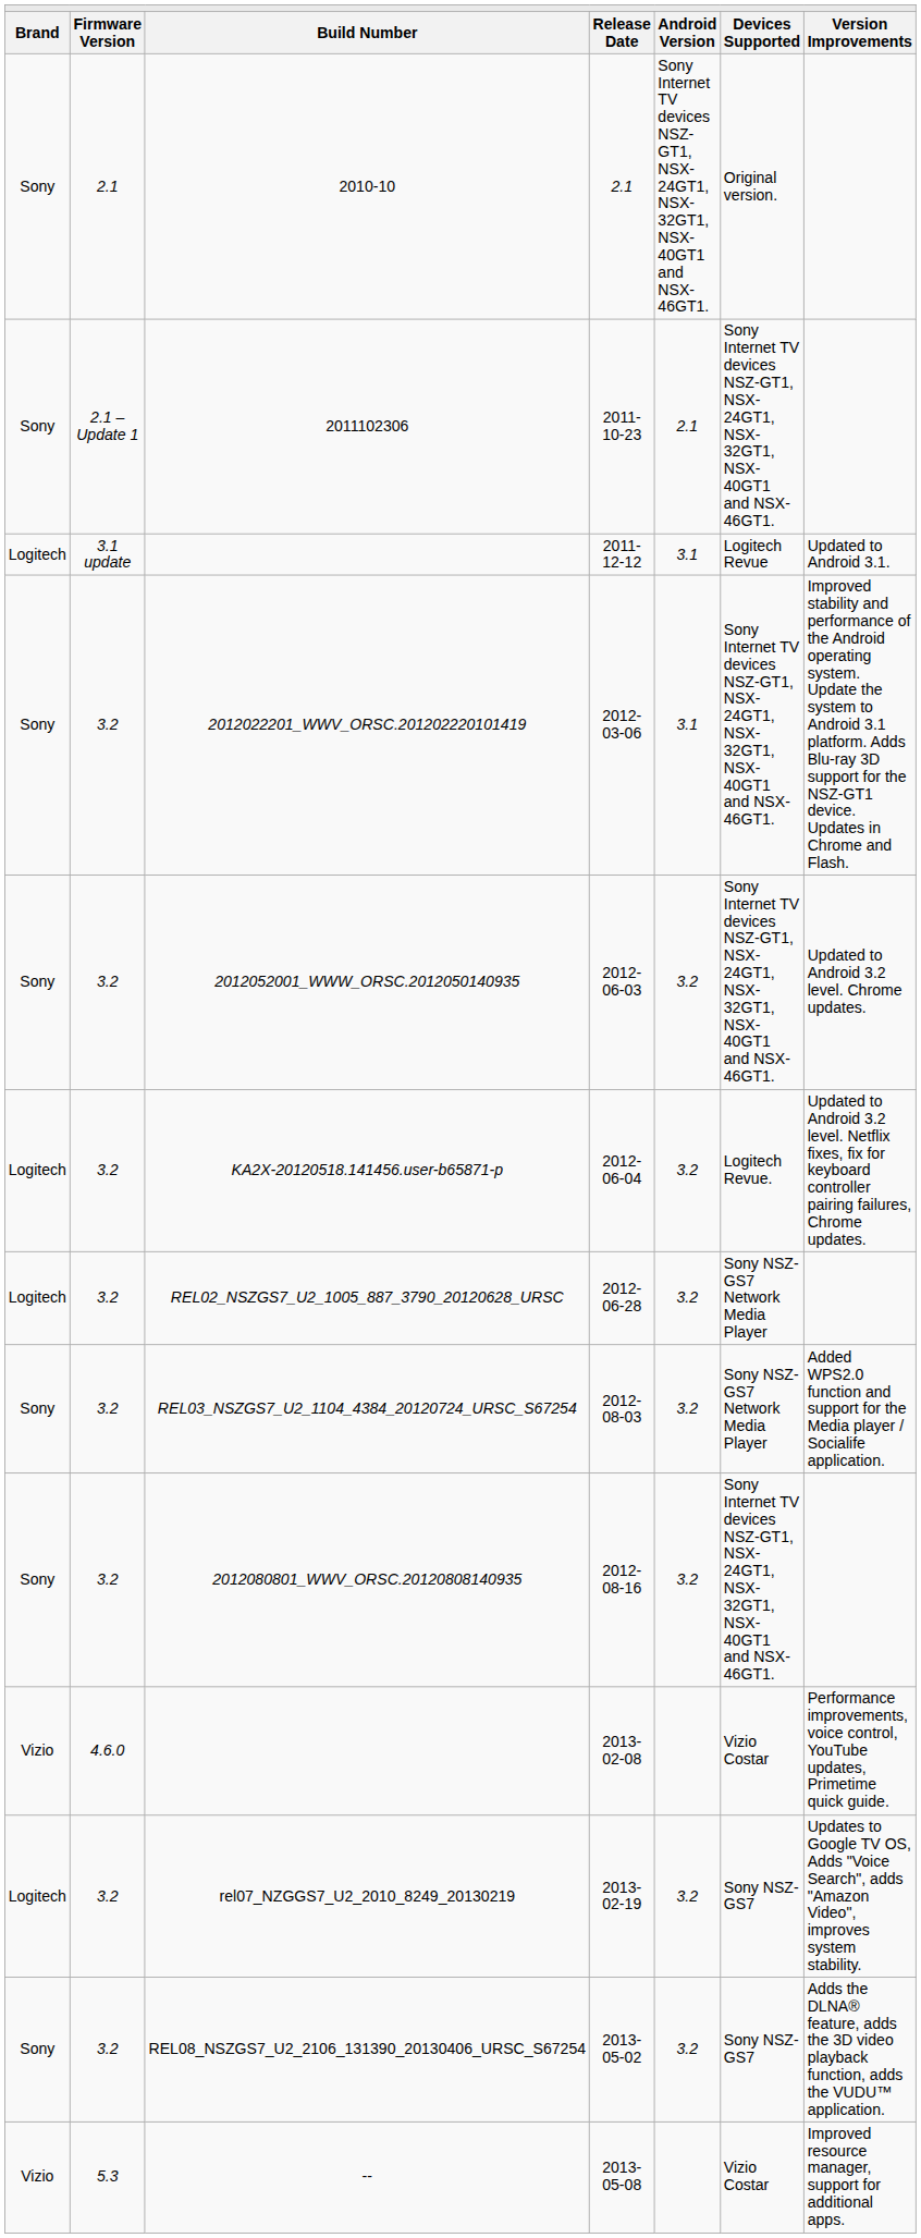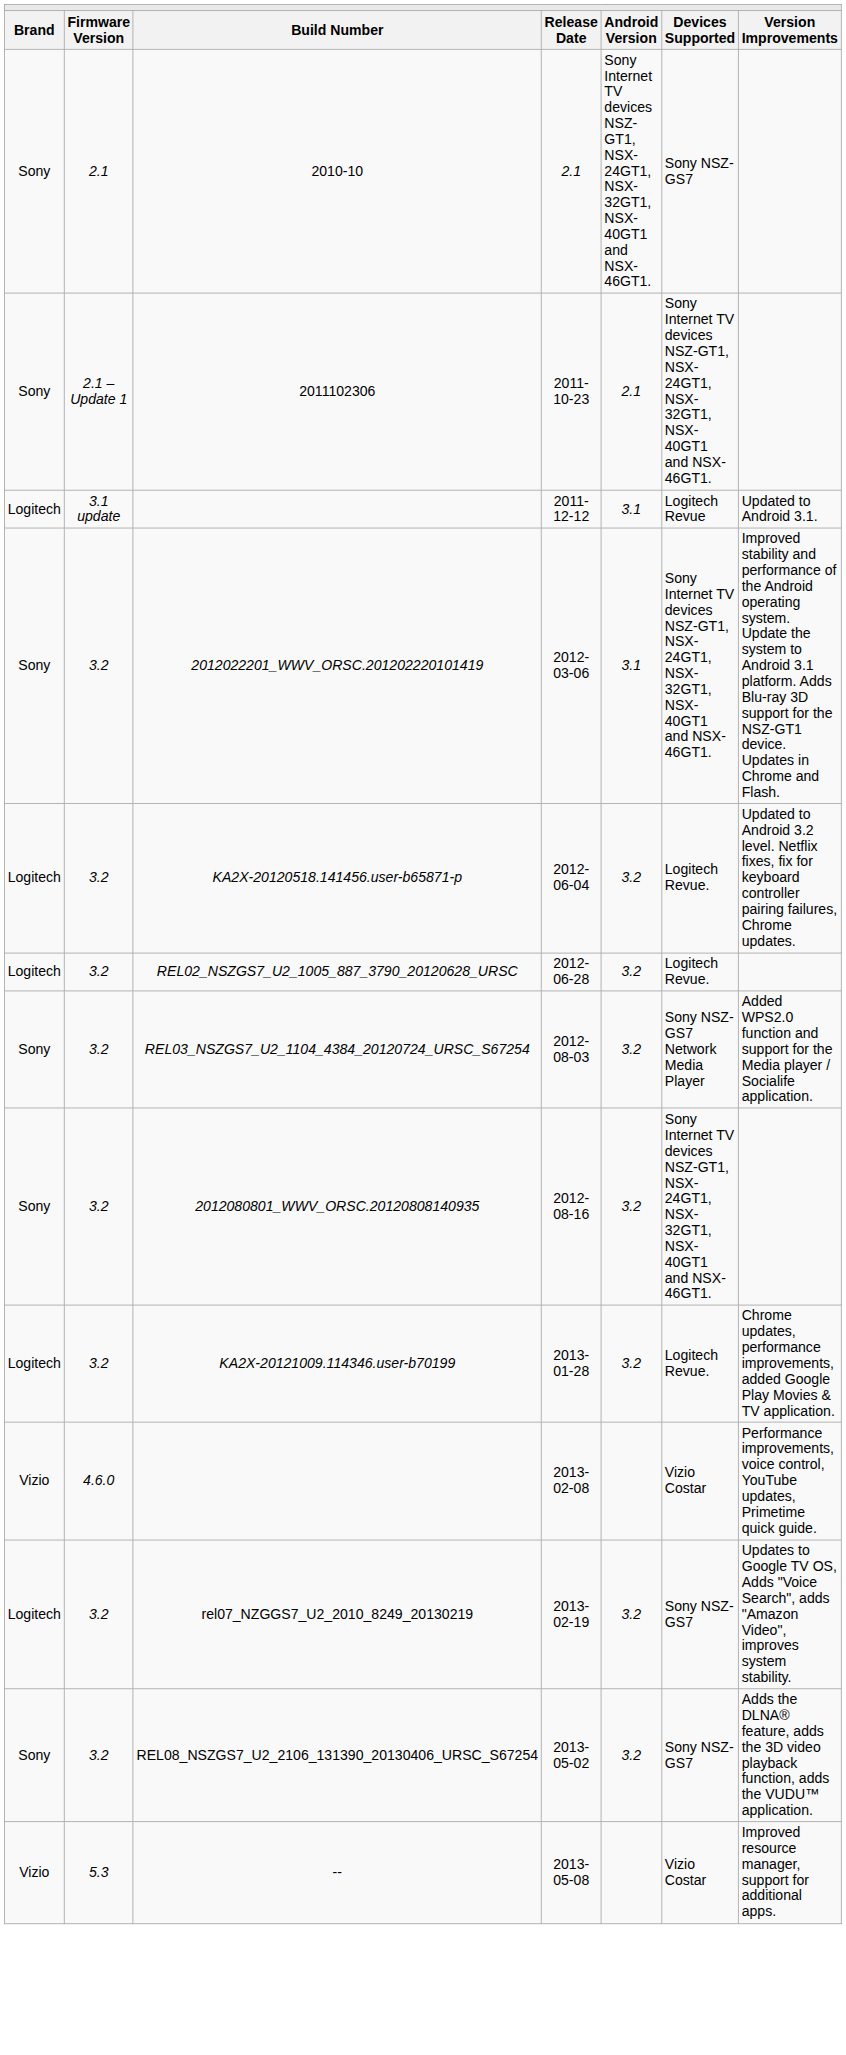 <table class="wikitable collapsible collapsed" style="width:100%;">
 <tr>
 <th style="background:#e9e9e9; text-align:center;" colspan="7"></th>
 </tr>
 <tr>
 <th style="width:10%;">Brand</th>
 <th style="width:10%;">Firmware Version</th>
 <th style="width:10%;">Build Number</th>
 <th style="width:10%;">Release Date</th>
 <th style="width:5%;">Android Version</th>
 <th style="width:25%;">Devices Supported</th>
 <th style="width:50%;">Version Improvements</th>
 </tr>
 <tr align=center>
 <td align=center>Sony</td>
 <td align=center><em>2.1</em></td>
 <td align=center>2010-10</td>
 <td align=center><em>2.1</em></td>
 <td align=left>Sony Internet TV devices NSZ-GT1, NSX-24GT1, NSX-32GT1, NSX-40GT1 and NSX-46GT1.</td>
-<td align=left>Original version.</td>
+<td align=left>Sony NSZ-GS7</td>
 </tr>
 <tr align=center>
 <td align=center>Sony</td>
 <td align=center><em>2.1 – Update 1</em></td>
 <td align=center>2011102306</td>
 <td align=center>2011-10-23</td>
 <td align=center><em>2.1</em></td>
 <td align=left>Sony Internet TV devices NSZ-GT1, NSX-24GT1, NSX-32GT1, NSX-40GT1 and NSX-46GT1.</td>
 <td align=left></td>
 </tr>
 <tr align=center>
 <td align=center>Logitech</td>
 <td align=center><em>3.1 update</em></td>
 <td align=center></td>
 <td align=center>2011-12-12</td>
 <td align=center><em>3.1</em></td>
 <td align=left>Logitech Revue</td>
 <td align=left>Updated to Android 3.1.</td>
 </tr>
 <tr align=center>
 <td align=center>Sony</td>
 <td align=center><em>3.2</em></td>
 <td align=center><em>2012022201_WWV_ORSC.201202220101419</em></td>
 <td align=center>2012-03-06</td>
 <td align=center><em>3.1</em></td>
 <td align=left>Sony Internet TV devices NSZ-GT1, NSX-24GT1, NSX-32GT1, NSX-40GT1 and NSX-46GT1.</td>
 <td align=left>Improved stability and performance of the Android operating system. Update the system to Android 3.1 platform. Adds Blu-ray 3D support for the NSZ-GT1 device. Updates in Chrome and Flash.</td>
 </tr>
 <tr align=center>
-<td align=center>Sony</td>
-<td align=center><em>3.2</em></td>
-<td align=center><em>2012052001_WWW_ORSC.2012050140935</em></td>
-<td align=center>2012-06-03</td>
-<td align=center><em>3.2</em></td>
-<td align=left>Sony Internet TV devices NSZ-GT1, NSX-24GT1, NSX-32GT1, NSX-40GT1 and NSX-46GT1.</td>
-<td align=left>Updated to Android 3.2 level. Chrome updates.</td>
-</tr>
-<tr align=center>
 <td align=center>Logitech</td>
 <td align=center><em>3.2</em></td>
 <td align=center><em>KA2X-20120518.141456.user-b65871-p</em></td>
 <td align=center>2012-06-04</td>
 <td align=center><em>3.2</em></td>
 <td align=left>Logitech Revue.</td>
 <td align=left>Updated to Android 3.2 level. Netflix fixes, fix for keyboard controller pairing failures, Chrome updates.</td>
 </tr>
 <tr align=center>
 <td align=center>Logitech</td>
 <td align=center><em>3.2</em></td>
 <td align=center><em>REL02_NSZGS7_U2_1005_887_3790_20120628_URSC</em></td>
 <td align=center>2012-06-28</td>
 <td align=center><em>3.2</em></td>
-<td align=left>Sony NSZ-GS7 Network Media Player</td>
+<td align=left>Logitech Revue.</td>
 <td align=left></td>
 </tr>
 <tr align=center>
 <td align=center>Sony</td>
 <td align=center><em>3.2</em></td>
 <td align=center><em>REL03_NSZGS7_U2_1104_4384_20120724_URSC_S67254</em></td>
 <td align=center>2012-08-03</td>
 <td align=center><em>3.2</em></td>
 <td align=left>Sony NSZ-GS7 Network Media Player</td>
 <td align=left>Added WPS2.0 function and support for the Media player / Socialife application.</td>
 </tr>
 <tr align=center>
 <td align=center>Sony</td>
 <td align=center><em>3.2</em></td>
 <td align=center><em>2012080801_WWV_ORSC.20120808140935</em></td>
 <td align=center>2012-08-16</td>
 <td align=center><em>3.2</em></td>
 <td align=left>Sony Internet TV devices NSZ-GT1, NSX-24GT1, NSX-32GT1, NSX-40GT1 and NSX-46GT1.</td>
 <td align=left></td>
+</tr>
+<tr align=center>
+<td align=center>Logitech</td>
+<td align=center><em>3.2</em></td>
+<td align=center><em>KA2X-20121009.114346.user-b70199</em></td>
+<td align=center>2013-01-28</td>
+<td align=center><em>3.2</em></td>
+<td align=left>Logitech Revue.</td>
+<td align=left>Chrome updates, performance improvements, added Google Play Movies & TV application.</td>
 </tr>
 <tr align=center>
 <td align=center>Vizio</td>
 <td align=center><em>4.6.0</em></td>
 <td align=center></td>
 <td align=center>2013-02-08</td>
 <td align=center></td>
 <td align=left>Vizio Costar</td>
 <td align=left>Performance improvements, voice control, YouTube updates, Primetime quick guide.</td>
 </tr>
 <tr align=center>
 <td align=center>Logitech</td>
 <td align=center><em>3.2</em></td>
 <td align=center>rel07_NZGGS7_U2_2010_8249_20130219</td>
 <td align=center>2013-02-19</td>
 <td align=center><em>3.2</em></td>
 <td align=left>Sony NSZ-GS7</td>
 <td align=left>Updates to Google TV OS, Adds "Voice Search", adds "Amazon Video", improves system stability.</td>
 </tr>
 <tr align=center>
 <td align=center>Sony</td>
 <td align=center><em>3.2</em></td>
 <td align=center>REL08_NSZGS7_U2_2106_131390_20130406_URSC_S67254</td>
 <td align=center>2013-05-02</td>
 <td align=center><em>3.2</em></td>
 <td align=left>Sony NSZ-GS7</td>
 <td align=left>Adds the DLNA® feature, adds the 3D video playback function, adds the VUDU™ application.</td>
 </tr>
 <tr align=center>
 <td align=center>Vizio</td>
 <td align=center><em>5.3</em></td>
 <td align=center>--</td>
 <td align=center>2013-05-08</td>
 <td align=center></td>
 <td align=left>Vizio Costar</td>
 <td align=left>Improved resource manager, support for additional apps.</td>
 </tr>
 </table>
